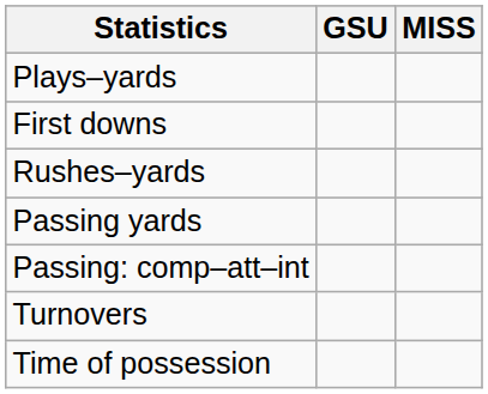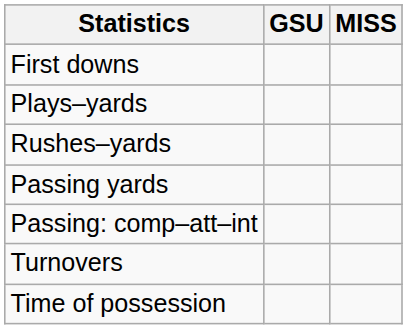 <table class="wikitable" style="float:left">
 <tr>
 <th>Statistics</th>
 <th>GSU</th>
 <th>MISS</th>
 </tr>
 <tr>
-<td>Plays–yards</td>
+<td>First downs</td>
 <td></td>
 <td></td>
 </tr>
 <tr>
-<td>First downs</td>
+<td>Plays–yards</td>
 <td></td>
 <td></td>
 </tr>
 <tr>
 <td>Rushes–yards</td>
 <td></td>
 <td></td>
 </tr>
 <tr>
 <td>Passing yards</td>
 <td></td>
 <td></td>
 </tr>
 <tr>
 <td>Passing: comp–att–int</td>
 <td></td>
 <td></td>
 </tr>
 <tr>
 <td>Turnovers</td>
 <td></td>
 <td></td>
 </tr>
 <tr>
 <td>Time of possession</td>
 <td></td>
 <td></td>
 </tr>
 </table>
